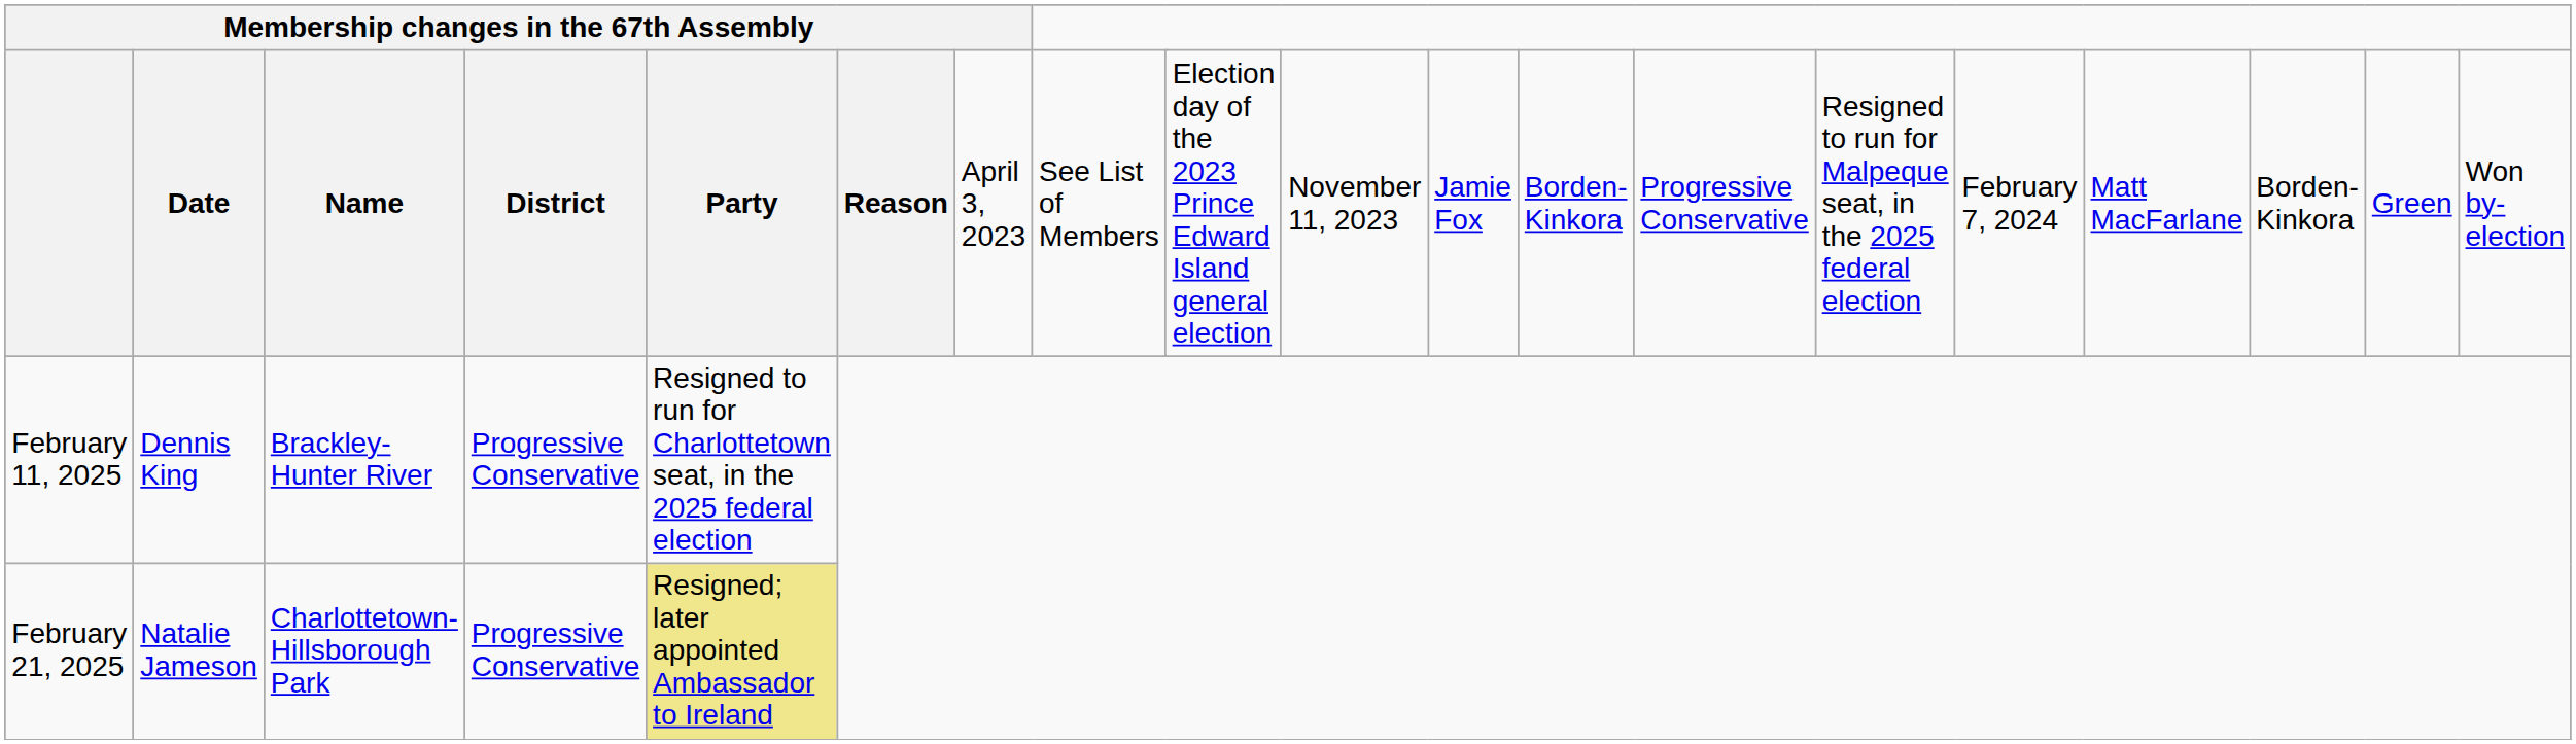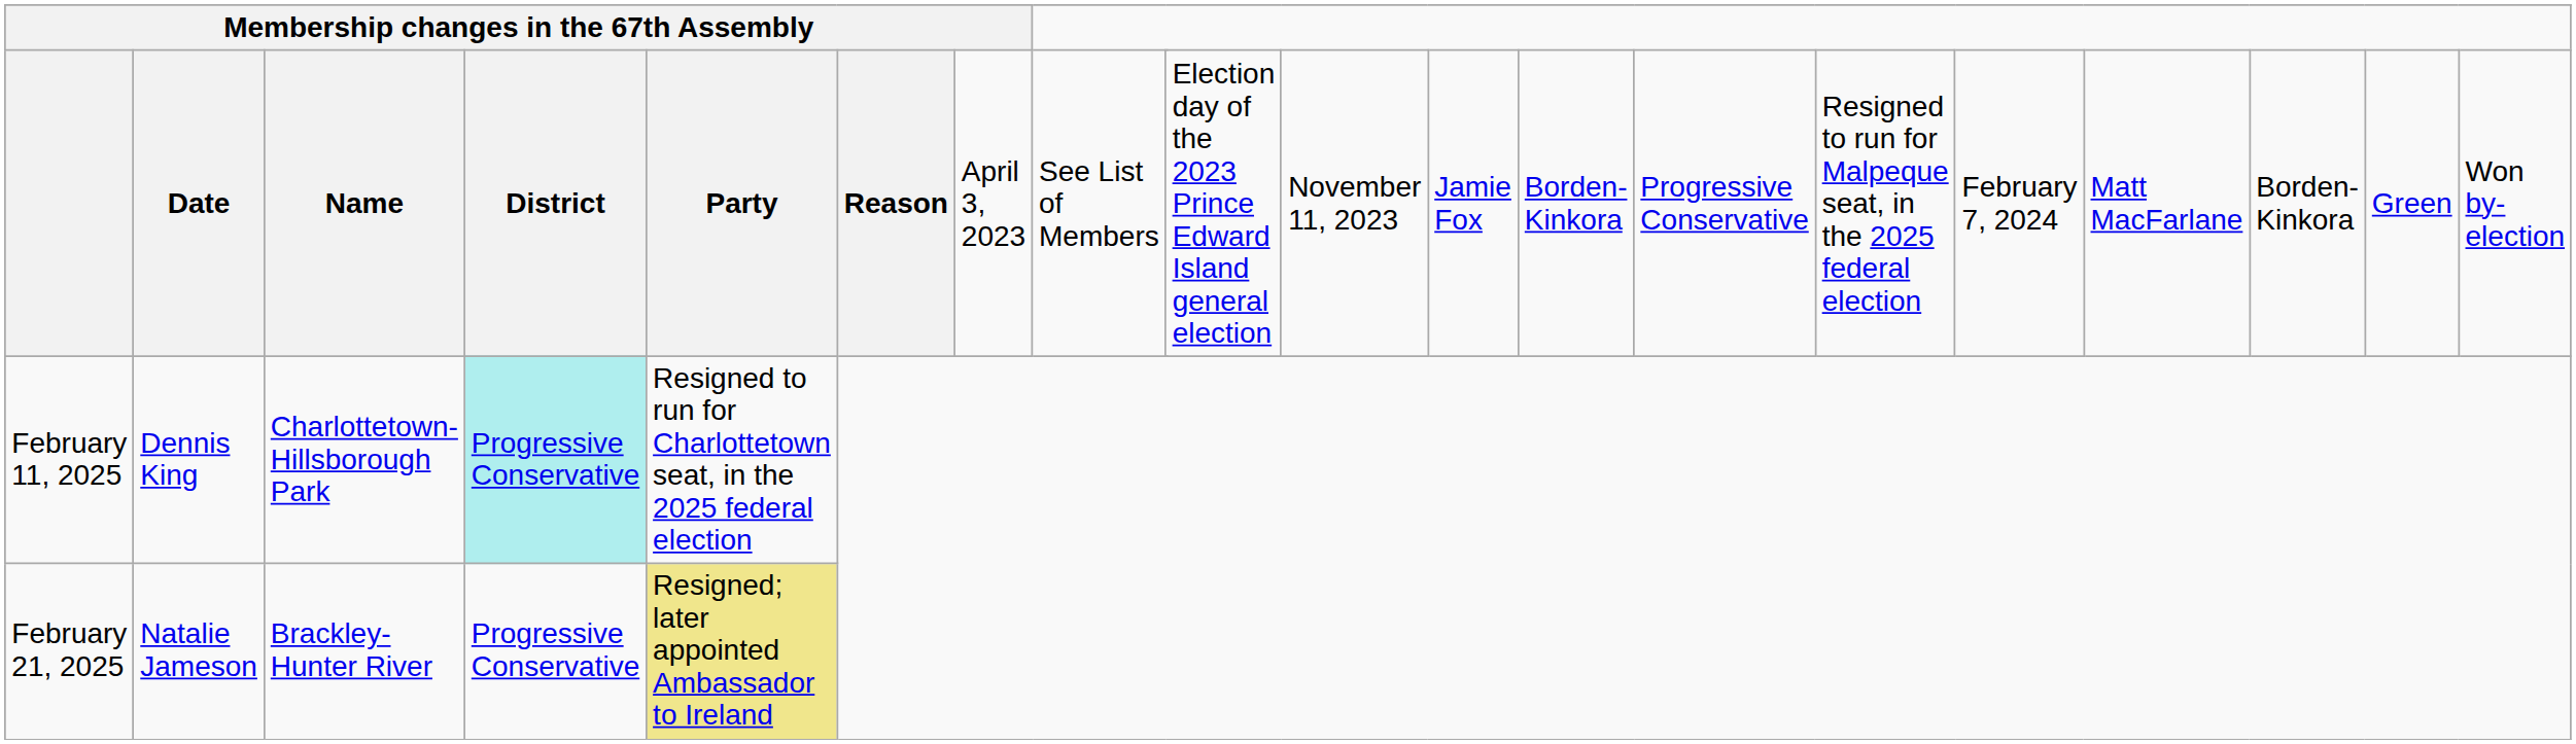 <table class="wikitable">
 <tr>
 <th colspan=7>Membership changes in the 67th Assembly</th>
 </tr>
 <tr>
 <th></th>
 <th>Date</th>
 <th>Name</th>
 <th>District</th>
 <th>Party</th>
 <th>Reason<br></th>
 <td>April 3, 2023</td>
 <td colspan=2>See List of Members</td>
 <td>Election day of the <a href='#'>2023 Prince Edward Island general election</a><br></td>
 <td>November 11, 2023</td>
 <td><a href='#'>Jamie Fox</a></td>
 <td><a href='#'>Borden-Kinkora</a></td>
 <td><a href='#'>Progressive Conservative</a></td>
 <td>Resigned to run for <a href='#'>Malpeque</a> seat, in the <a href='#'>2025 federal election</a><br></td>
 <td>February 7, 2024</td>
 <td><a href='#'>Matt MacFarlane</a></td>
 <td>Borden-Kinkora</td>
 <td><a href='#'>Green</a></td>
 <td>Won <a href='#'>by-election</a></td>
 </tr>
 <tr>
 <td>February 11, 2025</td>
 <td><a href='#'>Dennis King</a></td>
-<td><a href='#'>Brackley-Hunter River</a></td>
-<td><a href='#'>Progressive Conservative</a></td>
+<td><a href='#'>Charlottetown-Hillsborough Park</a></td>
+<td style="background: paleturquoise;"><a href='#'>Progressive Conservative</a></td>
 <td>Resigned to run for <a href='#'>Charlottetown</a> seat, in the <a href='#'>2025 federal election</a></td>
 </tr>
 <tr>
 <td>February 21, 2025</td>
 <td><a href='#'>Natalie Jameson</a></td>
-<td><a href='#'>Charlottetown-Hillsborough Park</a></td>
+<td><a href='#'>Brackley-Hunter River</a></td>
 <td><a href='#'>Progressive Conservative</a></td>
 <td style="background: khaki;">Resigned; later appointed <a href='#'>Ambassador to Ireland</a></td>
 </tr>
 </table>
